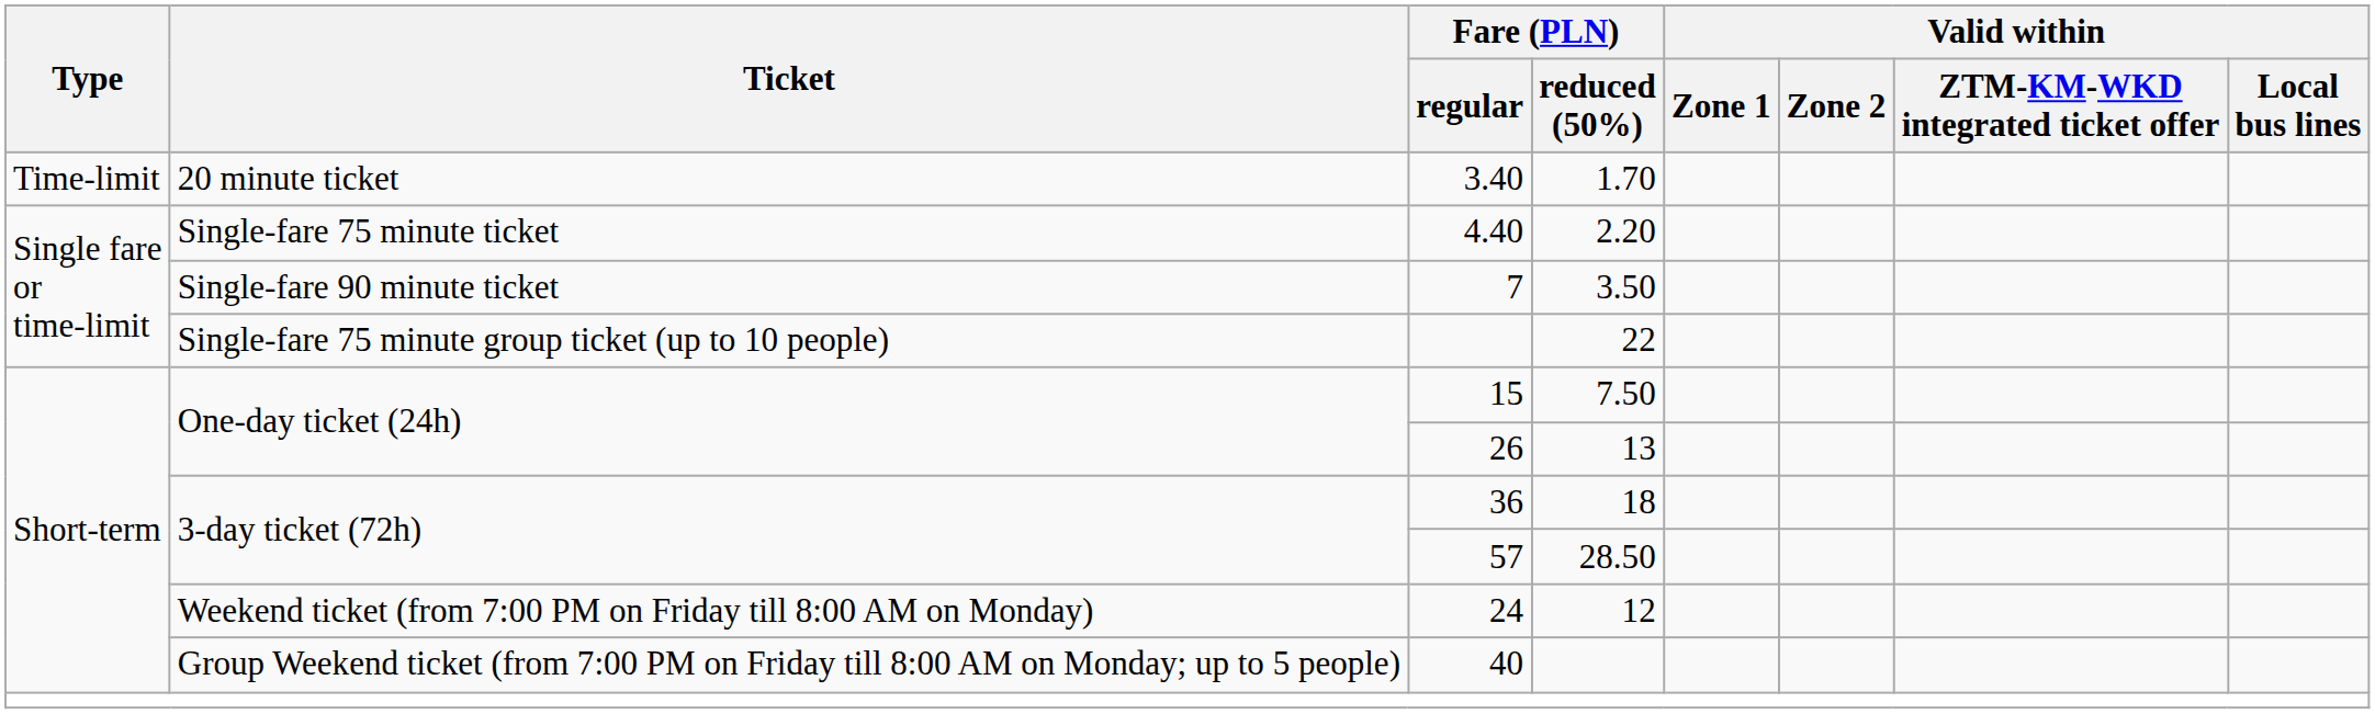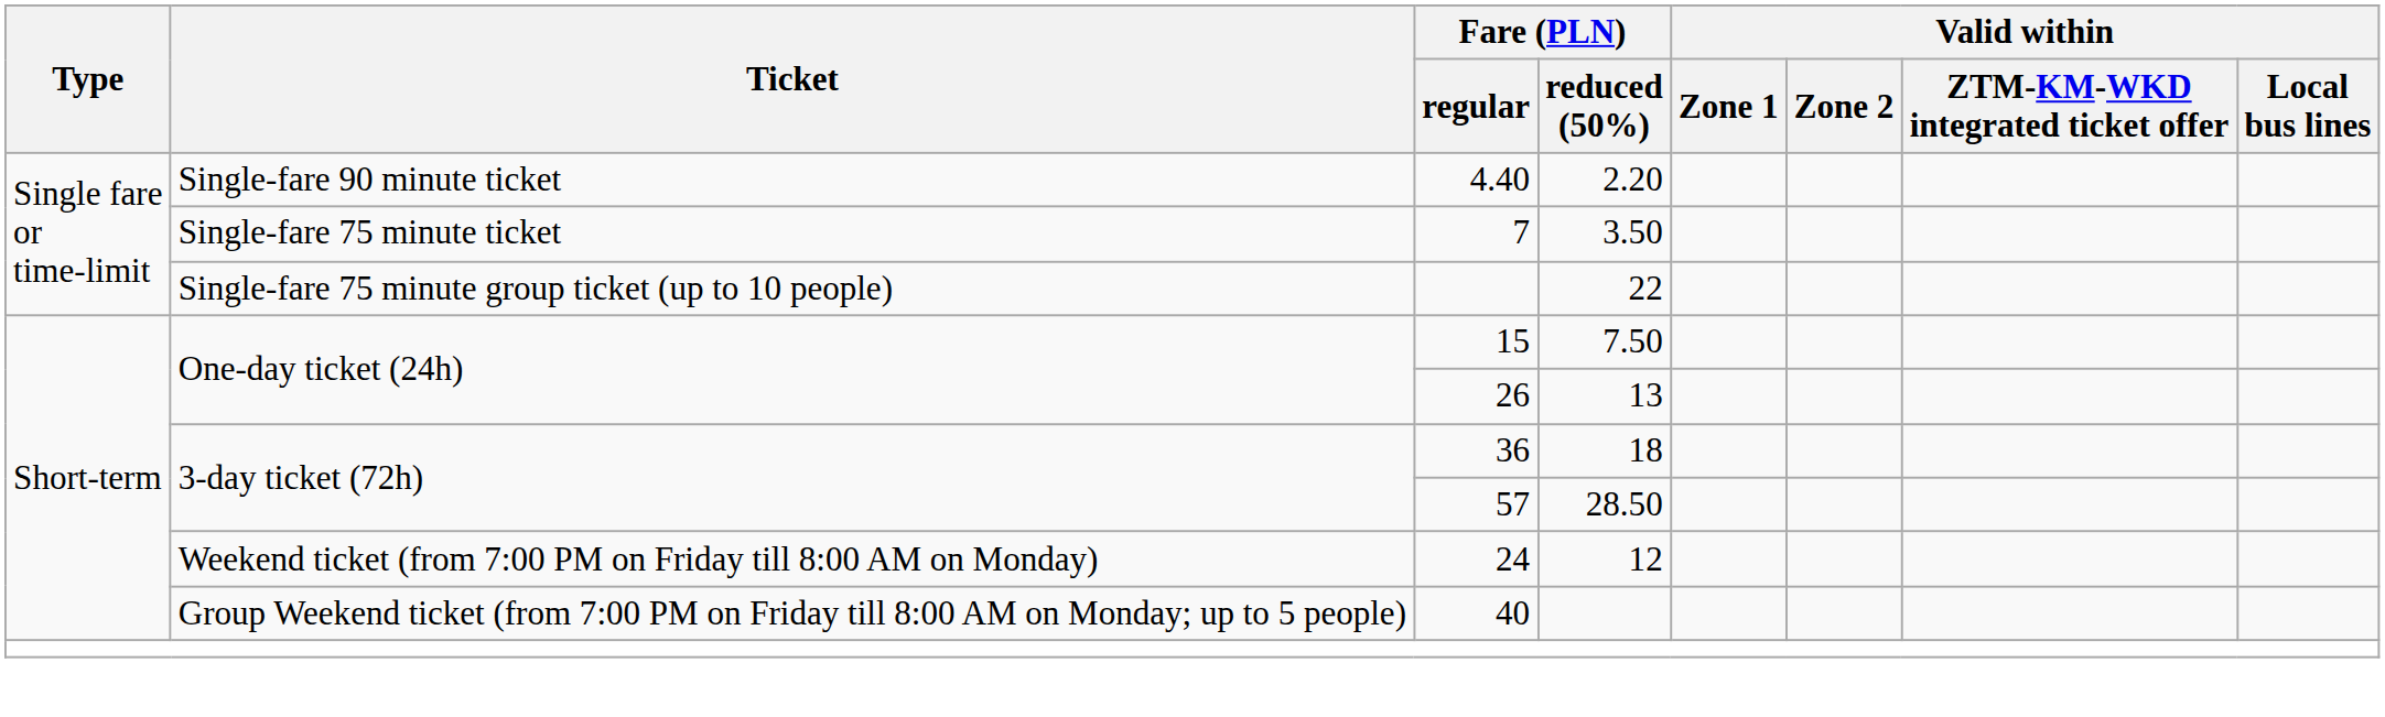 <table class="wikitable">
 <tr>
 <th rowspan="2">Type</th>
 <th rowspan="2">Ticket</th>
 <th colspan="2">Fare (<a href='#'>PLN</a>)</th>
 <th colspan="4">Valid within</th>
 </tr>
 <tr>
 <th>regular</th>
 <th>reduced<br>(50%)</th>
 <th>Zone 1</th>
 <th>Zone 2</th>
 <th>ZTM-<a href='#'>KM</a>-<a href='#'>WKD</a><br>integrated ticket offer</th>
 <th>Local<br>bus lines</th>
 </tr>
 <tr>
-<td>Time-limit</td>
-<td>20 minute ticket</td>
-<td style="text-align: right;">3.40</td>
-<td style="text-align: right;">1.70</td>
-<td></td>
-<td></td>
-<td></td>
-<td></td>
-</tr>
-<tr>
 <td rowspan="3">Single fare<br>or<br>time-limit</td>
-<td>Single-fare 75 minute ticket</td>
+<td>Single-fare 90 minute ticket</td>
 <td style="text-align: right;">4.40</td>
 <td style="text-align: right;">2.20</td>
 <td></td>
 <td></td>
 <td></td>
 <td></td>
 </tr>
 <tr>
-<td>Single-fare 90 minute ticket</td>
+<td>Single-fare 75 minute ticket</td>
 <td style="text-align: right;">7</td>
 <td style="text-align: right;">3.50</td>
 <td></td>
 <td></td>
 <td></td>
 <td></td>
 </tr>
 <tr>
 <td>Single-fare 75 minute group ticket (up to 10 people)</td>
 <td></td>
 <td style="text-align: right;">22</td>
 <td></td>
 <td></td>
 <td></td>
 <td></td>
 </tr>
 <tr>
 <td rowspan="6">Short-term</td>
 <td rowspan="2">One-day ticket (24h)</td>
 <td style="text-align: right;">15</td>
 <td style="text-align: right;">7.50</td>
 <td></td>
 <td></td>
 <td></td>
 <td></td>
 </tr>
 <tr>
 <td style="text-align: right;">26</td>
 <td style="text-align: right;">13</td>
 <td></td>
 <td></td>
 <td></td>
 <td></td>
 </tr>
 <tr>
 <td rowspan="2">3-day ticket (72h)</td>
 <td style="text-align: right;">36</td>
 <td style="text-align: right;">18</td>
 <td></td>
 <td></td>
 <td></td>
 <td></td>
 </tr>
 <tr>
 <td style="text-align: right;">57</td>
 <td style="text-align: right;">28.50</td>
 <td></td>
 <td></td>
 <td></td>
 <td></td>
 </tr>
 <tr>
 <td>Weekend ticket (from 7:00 PM on Friday till 8:00 AM on Monday)</td>
 <td style="text-align: right;">24</td>
 <td style="text-align: right;">12</td>
 <td></td>
 <td></td>
 <td></td>
 <td></td>
 </tr>
 <tr>
 <td>Group Weekend ticket (from 7:00 PM on Friday till 8:00 AM on Monday; up to 5 people)</td>
 <td style="text-align: right;">40</td>
 <td></td>
 <td></td>
 <td></td>
 <td></td>
 <td></td>
 </tr>
 <tr>
 <td colspan="8" style="background:white"></td>
 </tr>
 </table>
